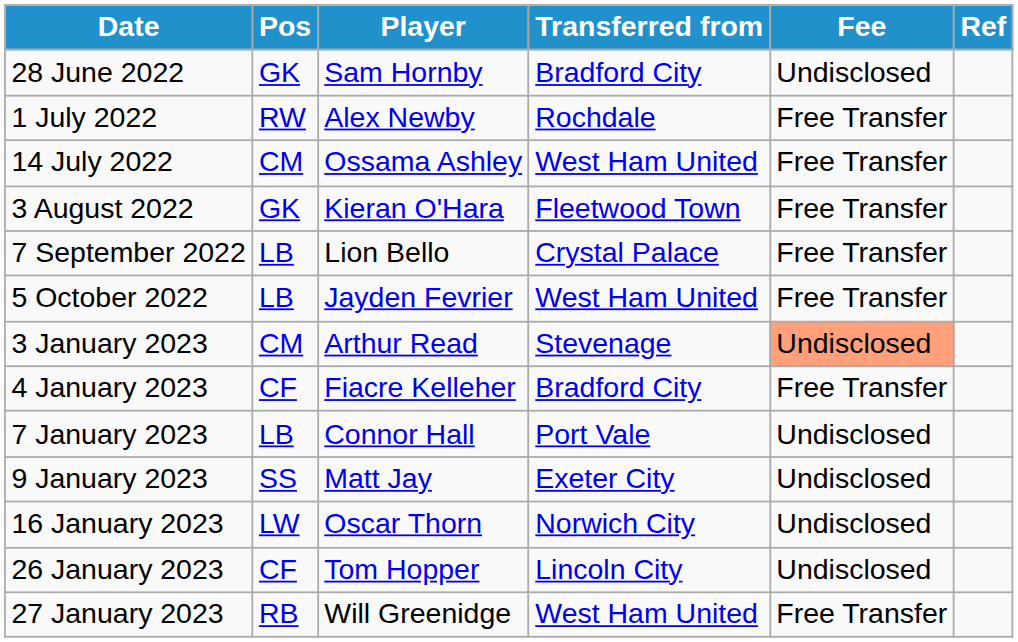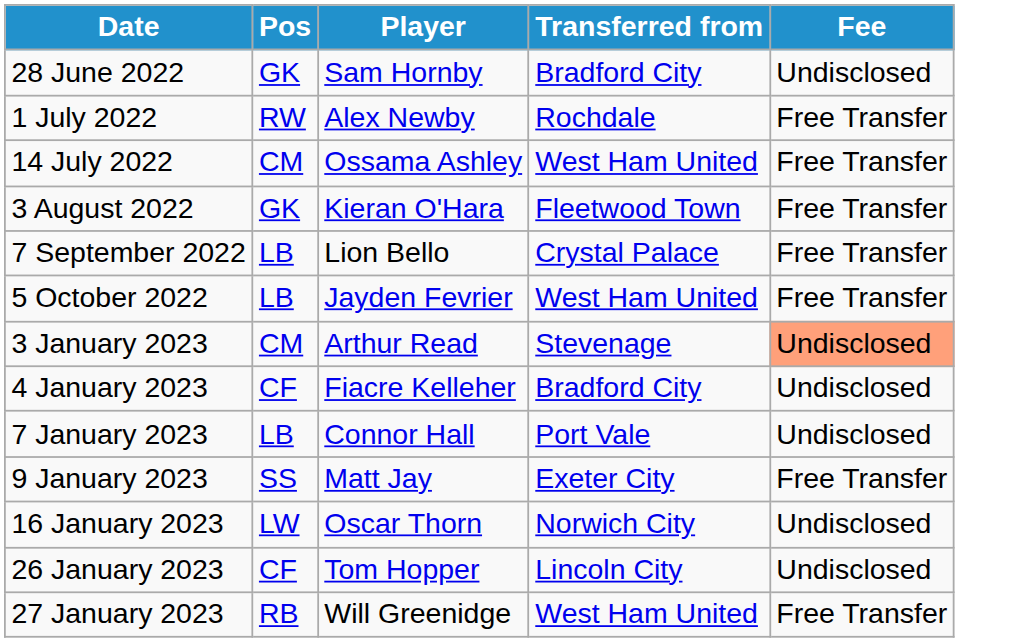 <table class="wikitable plainrowheaders sortable">
 <tr>
 <th style="background:#2191CC; color:#ffffff; ">Date</th>
 <th style="background:#2191CC; color:#ffffff; ">Pos</th>
 <th style="background:#2191CC; color:#ffffff; ">Player</th>
 <th style="background:#2191CC; color:#ffffff; ">Transferred from</th>
 <th style="background:#2191CC; color:#ffffff; ">Fee</th>
-<th style="background:#2191CC; color:#ffffff; ">Ref</th>
 </tr>
 <tr>
 <td>28 June 2022</td>
 <td><a href='#'>GK</a></td>
 <td> <a href='#'>Sam Hornby</a></td>
 <td> <a href='#'>Bradford City</a></td>
 <td>Undisclosed</td>
-<td></td>
 </tr>
 <tr>
 <td>1 July 2022</td>
 <td><a href='#'>RW</a></td>
 <td> <a href='#'>Alex Newby</a></td>
 <td> <a href='#'>Rochdale</a></td>
 <td>Free Transfer</td>
-<td></td>
 </tr>
 <tr>
 <td>14 July 2022</td>
 <td><a href='#'>CM</a></td>
 <td> <a href='#'>Ossama Ashley</a></td>
 <td> <a href='#'>West Ham United</a></td>
 <td>Free Transfer</td>
-<td></td>
 </tr>
 <tr>
 <td>3 August 2022</td>
 <td><a href='#'>GK</a></td>
 <td> <a href='#'>Kieran O'Hara</a></td>
 <td> <a href='#'>Fleetwood Town</a></td>
 <td>Free Transfer</td>
-<td></td>
 </tr>
 <tr>
 <td>7 September 2022</td>
 <td><a href='#'>LB</a></td>
 <td> Lion Bello</td>
 <td> <a href='#'>Crystal Palace</a></td>
 <td>Free Transfer</td>
-<td></td>
 </tr>
 <tr>
 <td>5 October 2022</td>
 <td><a href='#'>LB</a></td>
 <td> <a href='#'>Jayden Fevrier</a></td>
 <td> <a href='#'>West Ham United</a></td>
 <td>Free Transfer</td>
-<td></td>
 </tr>
 <tr>
 <td>3 January 2023</td>
 <td><a href='#'>CM</a></td>
 <td> <a href='#'>Arthur Read</a></td>
 <td> <a href='#'>Stevenage</a></td>
 <td style="background: lightsalmon;">Undisclosed</td>
-<td></td>
 </tr>
 <tr>
 <td>4 January 2023</td>
 <td><a href='#'>CF</a></td>
 <td> <a href='#'>Fiacre Kelleher</a></td>
 <td> <a href='#'>Bradford City</a></td>
-<td>Free Transfer</td>
-<td></td>
+<td>Undisclosed</td>
 </tr>
 <tr>
 <td>7 January 2023</td>
 <td><a href='#'>LB</a></td>
 <td> <a href='#'>Connor Hall</a></td>
 <td> <a href='#'>Port Vale</a></td>
 <td>Undisclosed</td>
-<td></td>
 </tr>
 <tr>
 <td>9 January 2023</td>
 <td><a href='#'>SS</a></td>
 <td> <a href='#'>Matt Jay</a></td>
 <td> <a href='#'>Exeter City</a></td>
-<td>Undisclosed</td>
-<td></td>
+<td>Free Transfer</td>
 </tr>
 <tr>
 <td>16 January 2023</td>
 <td><a href='#'>LW</a></td>
 <td> <a href='#'>Oscar Thorn</a></td>
 <td> <a href='#'>Norwich City</a></td>
 <td>Undisclosed</td>
-<td></td>
 </tr>
 <tr>
 <td>26 January 2023</td>
 <td><a href='#'>CF</a></td>
 <td> <a href='#'>Tom Hopper</a></td>
 <td> <a href='#'>Lincoln City</a></td>
 <td>Undisclosed</td>
-<td></td>
 </tr>
 <tr>
 <td>27 January 2023</td>
 <td><a href='#'>RB</a></td>
 <td> Will Greenidge</td>
 <td> <a href='#'>West Ham United</a></td>
 <td>Free Transfer</td>
-<td></td>
 </tr>
 </table>
